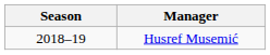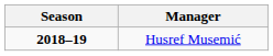 <table class="wikitable">
 <tr>
 <th style="width:120px;">Season</th>
 <th style="width:160px;">Manager</th>
 </tr>
 <tr>
-<td style="text-align:center;">2018–19</td>
+<td style="text-align:center;"><strong>2018–19</strong></td>
 <td style="text-align:center;"> <a href='#'>Husref Musemić</a></td>
 </tr>
 </table>
